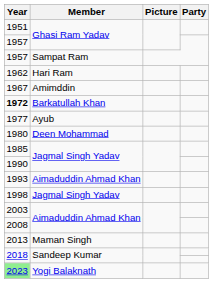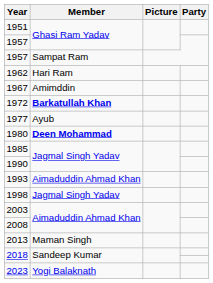 <table class="wikitable sortable">
 <tr>
 <th>Year</th>
 <th>Member</th>
 <th>Picture</th>
 <th colspan="2">Party</th>
 </tr>
 <tr>
 <td>1951</td>
 <td rowspan=2><a href='#'>Ghasi Ram Yadav</a></td>
 <td rowspan=2></td>
 <td></td>
 </tr>
 <tr>
 <td>1957</td>
 </tr>
 <tr>
 <td>1957</td>
 <td>Sampat Ram</td>
 </tr>
 <tr>
 <td>1962</td>
 <td>Hari Ram</td>
 <td></td>
 <td></td>
 </tr>
 <tr>
 <td>1967</td>
 <td>Amimddin</td>
 <td></td>
 <td></td>
 </tr>
 <tr>
-<td><strong>1972</strong></td>
-<td><a href='#'>Barkatullah Khan</a></td>
+<td>1972</td>
+<td><strong><a href='#'>Barkatullah Khan</a></strong></td>
 <td></td>
 </tr>
 <tr>
 <td>1977</td>
 <td>Ayub</td>
 <td></td>
 <td></td>
 </tr>
 <tr>
 <td>1980</td>
-<td><a href='#'>Deen Mohammad</a></td>
+<td><strong><a href='#'>Deen Mohammad</a></strong></td>
 <td></td>
 <td></td>
 </tr>
 <tr>
 <td>1985</td>
 <td rowspan=2><a href='#'>Jagmal Singh Yadav</a></td>
 <td rowspan=2></td>
 <td></td>
 </tr>
 <tr>
 <td>1990</td>
 <td></td>
 </tr>
 <tr>
 <td>1993</td>
 <td><a href='#'>Aimaduddin Ahmad Khan</a></td>
 <td></td>
 <td></td>
 </tr>
 <tr>
 <td>1998</td>
 <td><a href='#'>Jagmal Singh Yadav</a></td>
 <td></td>
 <td></td>
 </tr>
 <tr>
 <td>2003</td>
 <td rowspan=2><a href='#'>Aimaduddin Ahmad Khan</a></td>
 <td rowspan=2></td>
 <td></td>
 </tr>
 <tr>
 <td>2008</td>
 </tr>
 <tr>
 <td>2013</td>
 <td>Maman Singh</td>
 <td></td>
 <td></td>
 </tr>
 <tr>
 <td rowspan=2><a href='#'>2018</a></td>
 <td rowspan=2>Sandeep Kumar</td>
 <td rowspan=2></td>
 <td></td>
 </tr>
 <tr>
 <td></td>
 </tr>
 <tr>
-<td style="background: lightgreen;"><a href='#'>2023</a></td>
+<td><a href='#'>2023</a></td>
 <td><a href='#'>Yogi Balaknath</a></td>
 <td></td>
 <td></td>
 </tr>
 </table>
